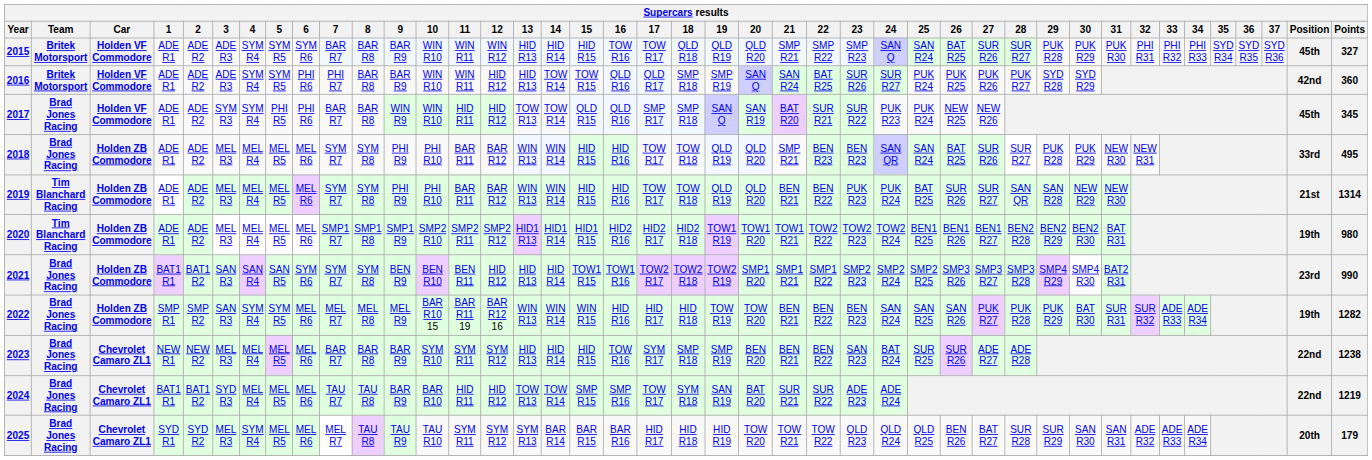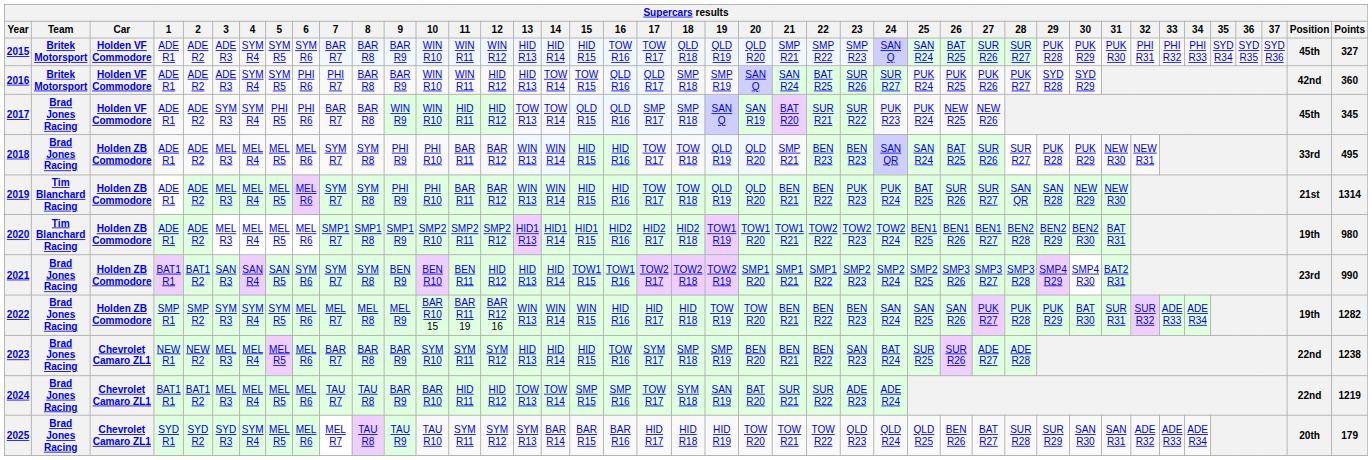 <table class="wikitable" style="text-align:center; font-size:75%">
 <tr>
 <th colspan=46><a href='#'>Supercars</a> results</th>
 </tr>
 <tr>
 <th>Year</th>
 <th>Team</th>
 <th>Car</th>
 <th>1</th>
 <th>2</th>
 <th>3</th>
 <th>4</th>
 <th>5</th>
 <th>6</th>
 <th>7</th>
 <th>8</th>
 <th>9</th>
 <th>10</th>
 <th>11</th>
 <th>12</th>
 <th>13</th>
 <th>14</th>
 <th>15</th>
 <th>16</th>
 <th>17</th>
 <th>18</th>
 <th>19</th>
 <th>20</th>
 <th>21</th>
 <th>22</th>
 <th>23</th>
 <th>24</th>
 <th>25</th>
 <th>26</th>
 <th>27</th>
 <th>28</th>
 <th>29</th>
 <th>30</th>
 <th>31</th>
 <th>32</th>
 <th>33</th>
 <th>34</th>
 <th>35</th>
 <th>36</th>
 <th>37</th>
 <th>Position</th>
 <th>Points</th>
 </tr>
 <tr>
 <th><a href='#'>2015</a></th>
 <th><a href='#'>Britek Motorsport</a></th>
 <th><a href='#'>Holden VF Commodore</a></th>
 <td><a href='#'>ADE<br>R1</a></td>
 <td><a href='#'>ADE<br>R2</a></td>
 <td><a href='#'>ADE<br>R3</a></td>
 <td><a href='#'>SYM<br>R4</a></td>
 <td><a href='#'>SYM<br>R5</a></td>
 <td><a href='#'>SYM<br>R6</a></td>
 <td style="background:#f1f8ff"><a href='#'>BAR<br>R7</a><br></td>
 <td style="background:#f1f8ff"><a href='#'>BAR<br>R8</a><br></td>
 <td style="background:#f1f8ff"><a href='#'>BAR<br>R9</a><br></td>
 <td style="background:#f1f8ff"><a href='#'>WIN<br>R10</a><br></td>
 <td style="background:#f1f8ff"><a href='#'>WIN<br>R11</a><br></td>
 <td style="background:#f1f8ff"><a href='#'>WIN<br>R12</a><br></td>
 <td style="background:#f1f8ff"><a href='#'>HID<br>R13</a><br></td>
 <td style="background:#f1f8ff"><a href='#'>HID<br>R14</a><br></td>
 <td style="background:#f1f8ff"><a href='#'>HID<br>R15</a><br></td>
 <td style="background:#f1f8ff"><a href='#'>TOW<br>R16</a><br></td>
 <td style="background:#f1f8ff"><a href='#'>TOW<br>R17</a><br></td>
 <td style="background:#f1f8ff"><a href='#'>QLD<br>R18</a><br></td>
 <td style="background:#f1f8ff"><a href='#'>QLD<br>R19</a><br></td>
 <td style="background:#f1f8ff"><a href='#'>QLD<br>R20</a><br></td>
 <td style="background:#f1f8ff"><a href='#'>SMP<br>R21</a><br></td>
 <td style="background:#f1f8ff"><a href='#'>SMP<br>R22</a><br></td>
 <td style="background:#f1f8ff"><a href='#'>SMP<br>R23</a><br></td>
 <td style="background:#cfcfff"><a href='#'>SAN<br>Q</a><br></td>
 <td style="background:#dfffdf"><a href='#'>SAN<br>R24</a><br></td>
 <td style="background:#dfffdf"><a href='#'>BAT<br>R25</a><br></td>
 <td style="background:#dfffdf"><a href='#'>SUR<br>R26</a><br></td>
 <td style="background:#dfffdf"><a href='#'>SUR<br>R27</a><br></td>
 <td><a href='#'>PUK<br>R28</a></td>
 <td><a href='#'>PUK<br>R29</a></td>
 <td><a href='#'>PUK<br>R30</a></td>
 <td><a href='#'>PHI<br>R31</a></td>
 <td><a href='#'>PHI<br>R32</a></td>
 <td><a href='#'>PHI<br>R33</a></td>
 <td><a href='#'>SYD<br>R34</a></td>
 <td><a href='#'>SYD<br>R35</a></td>
 <td><a href='#'>SYD<br>R36</a></td>
 <th>45th</th>
 <th>327</th>
 </tr>
 <tr>
 <th><a href='#'>2016</a></th>
 <th><a href='#'>Britek Motorsport</a></th>
 <th><a href='#'>Holden VF Commodore</a></th>
 <td><a href='#'>ADE<br>R1</a></td>
 <td><a href='#'>ADE<br>R2</a></td>
 <td><a href='#'>ADE<br>R3</a></td>
 <td><a href='#'>SYM<br>R4</a></td>
 <td><a href='#'>SYM<br>R5</a></td>
 <td><a href='#'>PHI<br>R6</a></td>
 <td><a href='#'>PHI<br>R7</a></td>
 <td><a href='#'>BAR<br>R8</a></td>
 <td><a href='#'>BAR<br>R9</a></td>
 <td><a href='#'>WIN<br>R10</a></td>
 <td><a href='#'>WIN<br>R11</a></td>
 <td><a href='#'>HID<br>R12</a></td>
 <td><a href='#'>HID<br>R13</a></td>
 <td><a href='#'>TOW<br>R14</a></td>
 <td><a href='#'>TOW<br>R15</a></td>
 <td style="background:#f1f8ff"><a href='#'>QLD<br>R16</a><br></td>
 <td style="background:#f1f8ff"><a href='#'>QLD<br>R17</a><br></td>
 <td><a href='#'>SMP<br>R18</a></td>
 <td><a href='#'>SMP<br>R19</a></td>
 <td style="background:#cfcfff"><a href='#'>SAN<br>Q</a><br></td>
 <td style="background:#dfffdf"><a href='#'>SAN<br>R24</a><br></td>
 <td style="background:#dfffdf"><a href='#'>BAT<br>R25</a><br></td>
 <td style="background:#dfffdf"><a href='#'>SUR<br>R26</a><br></td>
 <td style="background:#dfffdf"><a href='#'>SUR<br>R27</a><br></td>
 <td><a href='#'>PUK<br>R24</a></td>
 <td><a href='#'>PUK<br>R25</a></td>
 <td><a href='#'>PUK<br>R26</a></td>
 <td><a href='#'>PUK<br>R27</a></td>
 <td><a href='#'>SYD<br>R28</a></td>
 <td><a href='#'>SYD<br>R29</a></td>
 <th colspan=7></th>
 <th>42nd</th>
 <th>360</th>
 </tr>
 <tr>
 <th><a href='#'>2017</a></th>
 <th><a href='#'>Brad Jones Racing</a></th>
 <th><a href='#'>Holden VF Commodore</a></th>
 <td><a href='#'>ADE<br>R1</a></td>
 <td><a href='#'>ADE<br>R2</a></td>
 <td><a href='#'>SYM<br>R3</a></td>
 <td><a href='#'>SYM<br>R4</a></td>
 <td><a href='#'>PHI<br>R5</a></td>
 <td><a href='#'>PHI<br>R6</a></td>
 <td><a href='#'>BAR<br>R7</a></td>
 <td><a href='#'>BAR<br>R8</a></td>
 <td style="background:#dfffdf"><a href='#'>WIN<br>R9</a><br></td>
 <td style="background:#dfffdf"><a href='#'>WIN<br>R10</a><br></td>
 <td style="background:#dfffdf"><a href='#'>HID<br>R11</a><br></td>
 <td style="background:#dfffdf"><a href='#'>HID<br>R12</a><br></td>
 <td><a href='#'>TOW<br>R13</a></td>
 <td><a href='#'>TOW<br>R14</a></td>
 <td style="background:#f1f8ff"><a href='#'>QLD<br>R15</a><br></td>
 <td style="background:#f1f8ff"><a href='#'>QLD<br>R16</a><br></td>
 <td style="background:#f1f8ff"><a href='#'>SMP<br>R17</a><br></td>
 <td style="background:#f1f8ff"><a href='#'>SMP<br>R18</a><br></td>
 <td style="background:#cfcfff"><a href='#'>SAN<br>Q</a><br></td>
 <td style="background:#dfffdf"><a href='#'>SAN<br>R19</a><br></td>
 <td style="background:#efcfff"><a href='#'>BAT<br>R20</a><br></td>
 <td style="background:#dfffdf"><a href='#'>SUR<br>R21</a><br></td>
 <td style="background:#dfffdf"><a href='#'>SUR<br>R22</a><br></td>
 <td><a href='#'>PUK<br>R23</a></td>
 <td><a href='#'>PUK<br>R24</a></td>
 <td><a href='#'>NEW<br>R25</a></td>
 <td><a href='#'>NEW<br>R26</a></td>
 <th colspan=10></th>
 <th>45th</th>
 <th>345</th>
 </tr>
 <tr>
 <th><a href='#'>2018</a></th>
 <th><a href='#'>Brad Jones Racing</a></th>
 <th><a href='#'>Holden ZB Commodore</a></th>
 <td><a href='#'>ADE<br>R1</a></td>
 <td><a href='#'>ADE<br>R2</a></td>
 <td><a href='#'>MEL<br>R3</a></td>
 <td><a href='#'>MEL<br>R4</a></td>
 <td><a href='#'>MEL<br>R5</a></td>
 <td><a href='#'>MEL<br>R6</a></td>
 <td><a href='#'>SYM<br>R7</a></td>
 <td><a href='#'>SYM<br>R8</a></td>
 <td><a href='#'>PHI<br>R9</a></td>
 <td><a href='#'>PHI<br>R10</a></td>
 <td><a href='#'>BAR<br>R11</a></td>
 <td><a href='#'>BAR<br>R12</a></td>
 <td style="background:#f1f8ff"><a href='#'>WIN<br>R13</a><br></td>
 <td style="background:#f1f8ff"><a href='#'>WIN<br>R14</a><br></td>
 <td style="background:#dfffdf"><a href='#'>HID<br>R15</a><br></td>
 <td style="background:#dfffdf"><a href='#'>HID<br>R16</a><br></td>
 <td><a href='#'>TOW<br>R17</a></td>
 <td><a href='#'>TOW<br>R18</a></td>
 <td style="background:#f1f8ff"><a href='#'>QLD<br>R19</a><br></td>
 <td style="background:#f1f8ff"><a href='#'>QLD<br>R20</a><br></td>
 <td><a href='#'>SMP<br>R21</a></td>
 <td style="background:#dfffdf"><a href='#'>BEN<br>R23</a><br></td>
 <td style="background:#dfffdf"><a href='#'>BEN<br>R23</a><br></td>
 <td style="background:#cfcfff"><a href='#'>SAN<br>QR</a><br></td>
 <td style="background:#dfffdf"><a href='#'>SAN<br>R24</a><br></td>
 <td style="background:#dfffdf"><a href='#'>BAT<br>R25</a><br></td>
 <td style="background:#dfffdf"><a href='#'>SUR<br>R26</a><br></td>
 <td style="background:#ffffff"><a href='#'>SUR<br>R27</a><br></td>
 <td><a href='#'>PUK<br>R28</a></td>
 <td><a href='#'>PUK<br>R29</a></td>
 <td><a href='#'>NEW<br>R30</a></td>
 <td><a href='#'>NEW<br>R31</a></td>
 <th colspan=5></th>
 <th>33rd</th>
 <th>495</th>
 </tr>
 <tr>
 <th><a href='#'>2019</a></th>
 <th><a href='#'>Tim Blanchard Racing</a></th>
 <th><a href='#'>Holden ZB Commodore</a></th>
 <td style="background:#ffffff"><a href='#'>ADE<br>R1</a><br></td>
 <td style="background:#dfffdf"><a href='#'>ADE<br>R2</a><br></td>
 <td style="background:#dfffdf"><a href='#'>MEL<br>R3</a><br></td>
 <td style="background:#dfffdf"><a href='#'>MEL<br>R4</a><br></td>
 <td style="background:#dfffdf"><a href='#'>MEL<br>R5</a><br></td>
 <td style="background:#efcfff"><a href='#'>MEL<br>R6</a><br></td>
 <td style="background:#dfffdf"><a href='#'>SYM<br>R7</a><br></td>
 <td style="background:#dfffdf"><a href='#'>SYM<br>R8</a><br></td>
 <td style="background:#dfffdf"><a href='#'>PHI<br>R9</a><br></td>
 <td style="background:#dfffdf"><a href='#'>PHI<br>R10</a><br></td>
 <td style="background:#dfffdf"><a href='#'>BAR<br>R11</a><br></td>
 <td style="background:#dfffdf"><a href='#'>BAR<br>R12</a><br></td>
 <td style="background:#dfffdf"><a href='#'>WIN<br>R13</a><br></td>
 <td style="background:#dfffdf"><a href='#'>WIN<br>R14</a><br></td>
 <td style="background:#dfffdf"><a href='#'>HID<br>R15</a><br></td>
 <td style="background:#dfffdf"><a href='#'>HID<br>R16</a><br></td>
 <td style="background:#dfffdf"><a href='#'>TOW<br>R17</a><br></td>
 <td style="background:#dfffdf"><a href='#'>TOW<br>R18</a><br></td>
 <td style="background:#dfffdf"><a href='#'>QLD<br>R19</a><br></td>
 <td style="background:#dfffdf"><a href='#'>QLD<br>R20</a><br></td>
 <td style="background:#dfffdf"><a href='#'>BEN<br>R21</a><br></td>
 <td style="background:#dfffdf"><a href='#'>BEN<br>R22</a><br></td>
 <td style="background:#dfffdf"><a href='#'>PUK<br>R23</a><br></td>
 <td style="background:#dfffdf"><a href='#'>PUK<br>R24</a><br></td>
 <td style="background:#dfffdf"><a href='#'>BAT<br>R25</a><br></td>
 <td style="background:#dfffdf"><a href='#'>SUR<br>R26</a><br></td>
 <td style="background:#dfffdf"><a href='#'>SUR<br>R27</a><br></td>
 <td style="background:#dfffdf"><a href='#'>SAN<br>QR</a><br></td>
 <td style="background:#dfffdf"><a href='#'>SAN<br>R28</a><br></td>
 <td style="background:#dfffdf"><a href='#'>NEW<br>R29</a><br></td>
 <td style="background:#dfffdf"><a href='#'>NEW<br>R30</a><br></td>
 <th colspan=6></th>
 <th>21st</th>
 <th>1314</th>
 </tr>
 <tr>
 <th><a href='#'>2020</a></th>
 <th><a href='#'>Tim Blanchard Racing</a></th>
 <th><a href='#'>Holden ZB Commodore</a></th>
 <td style="background:#dfffdf"><a href='#'>ADE<br>R1</a><br></td>
 <td style="background:#dfffdf"><a href='#'>ADE<br>R2</a><br></td>
 <td style="background:#ffffff"><a href='#'>MEL<br>R3</a><br></td>
 <td style="background:#ffffff"><a href='#'>MEL<br>R4</a><br></td>
 <td style="background:#ffffff"><a href='#'>MEL<br>R5</a><br></td>
 <td style="background:#ffffff"><a href='#'>MEL<br>R6</a><br></td>
 <td style="background:#dfffdf"><a href='#'>SMP1<br>R7</a><br></td>
 <td style="background:#dfffdf"><a href='#'>SMP1<br>R8</a><br></td>
 <td style="background:#dfffdf"><a href='#'>SMP1<br>R9</a><br></td>
 <td style="background:#dfffdf"><a href='#'>SMP2<br>R10</a><br></td>
 <td style="background:#dfffdf"><a href='#'>SMP2<br>R11</a><br></td>
 <td style="background:#dfffdf"><a href='#'>SMP2<br>R12</a><br></td>
 <td style="background:#efcfff"><a href='#'>HID1<br>R13</a><br></td>
 <td style="background:#dfffdf"><a href='#'>HID1<br>R14</a><br></td>
 <td style="background:#dfffdf"><a href='#'>HID1<br>R15</a><br></td>
 <td style="background:#dfffdf"><a href='#'>HID2<br>R16</a><br></td>
 <td style="background:#dfffdf"><a href='#'>HID2<br>R17</a><br></td>
 <td style="background:#dfffdf"><a href='#'>HID2<br>R18</a><br></td>
 <td style="background:#efcfff"><a href='#'>TOW1<br>R19</a><br></td>
 <td style="background:#dfffdf"><a href='#'>TOW1<br>R20</a><br></td>
 <td style="background:#dfffdf"><a href='#'>TOW1<br>R21</a><br></td>
 <td style="background:#dfffdf"><a href='#'>TOW2<br>R22</a><br></td>
 <td style="background:#dfffdf"><a href='#'>TOW2<br>R23</a><br></td>
 <td style="background:#dfffdf"><a href='#'>TOW2<br>R24</a><br></td>
 <td style="background:#dfffdf"><a href='#'>BEN1<br>R25</a><br></td>
 <td style="background:#dfffdf"><a href='#'>BEN1<br>R26</a><br></td>
 <td style="background:#dfffdf"><a href='#'>BEN1<br>R27</a><br></td>
 <td style="background:#dfffdf"><a href='#'>BEN2<br>R28</a><br></td>
 <td style="background:#dfffdf"><a href='#'>BEN2<br>R29</a><br></td>
 <td style="background:#dfffdf"><a href='#'>BEN2<br>R30</a><br></td>
 <td style="background:#dfffdf"><a href='#'>BAT<br>R31</a><br></td>
 <th colspan=6></th>
 <th>19th</th>
 <th>980</th>
 </tr>
 <tr>
 <th><a href='#'>2021</a></th>
 <th><a href='#'>Brad Jones Racing</a></th>
 <th><a href='#'>Holden ZB Commodore</a></th>
 <td style="background:#efcfff"><a href='#'>BAT1<br>R1</a><br></td>
 <td style="background:#dfffdf"><a href='#'>BAT1<br>R2</a><br></td>
 <td style="background:#dfffdf"><a href='#'>SAN<br>R3</a><br></td>
 <td style="background:#efcfff"><a href='#'>SAN<br>R4</a><br></td>
 <td style="background:#dfffdf"><a href='#'>SAN<br>R5</a><br></td>
 <td style="background:#dfffdf"><a href='#'>SYM<br>R6</a><br></td>
 <td style="background:#dfffdf"><a href='#'>SYM<br>R7</a><br></td>
 <td style="background:#dfffdf"><a href='#'>SYM<br>R8</a><br></td>
 <td style="background:#dfffdf"><a href='#'>BEN<br>R9</a><br></td>
 <td style="background:#efcfff"><a href='#'>BEN<br>R10</a><br></td>
 <td style="background:#dfffdf"><a href='#'>BEN<br>R11</a><br></td>
 <td style="background:#dfffdf"><a href='#'>HID<br>R12</a><br></td>
 <td style="background:#dfffdf"><a href='#'>HID<br>R13</a><br></td>
 <td style="background:#dfffdf"><a href='#'>HID<br>R14</a><br></td>
 <td style="background:#dfffdf"><a href='#'>TOW1<br>R15</a><br></td>
 <td style="background:#dfffdf"><a href='#'>TOW1<br>R16</a><br></td>
 <td style="background:#efcfff"><a href='#'>TOW2<br>R17</a><br></td>
 <td style="background:#efcfff"><a href='#'>TOW2<br>R18</a><br></td>
 <td style="background:#efcfff"><a href='#'>TOW2<br>R19</a><br></td>
 <td style="background:#dfffdf"><a href='#'>SMP1<br>R20</a><br></td>
 <td style="background:#dfffdf"><a href='#'>SMP1<br>R21</a><br></td>
 <td style="background:#dfffdf"><a href='#'>SMP1<br>R22</a><br></td>
 <td style="background:#dfffdf"><a href='#'>SMP2<br>R23</a><br></td>
 <td style="background:#dfffdf"><a href='#'>SMP2<br>R24</a><br></td>
 <td style="background:#dfffdf"><a href='#'>SMP2<br>R25</a><br></td>
 <td style="background:#dfffdf"><a href='#'>SMP3<br>R26</a><br></td>
 <td style="background:#dfffdf"><a href='#'>SMP3<br>R27</a><br></td>
 <td style="background:#dfffdf"><a href='#'>SMP3<br>R28</a><br></td>
 <td style="background:#efcfff"><a href='#'>SMP4<br>R29</a><br></td>
 <td style="background:#ffffff"><a href='#'>SMP4<br>R30</a><br></td>
 <td style="background:#dfffdf"><a href='#'>BAT2<br>R31</a><br></td>
 <th colspan=6></th>
 <th>23rd</th>
 <th>990</th>
 </tr>
 <tr>
 <th><a href='#'>2022</a></th>
 <th><a href='#'>Brad Jones Racing</a></th>
 <th><a href='#'>Holden ZB Commodore</a></th>
 <td style="background:#dfffdf"><a href='#'>SMP<br>R1</a><br></td>
 <td style="background:#dfffdf"><a href='#'>SMP<br>R2</a><br></td>
-<td style="background:#dfffdf"><a href='#'>SAN<br>R3</a><br></td>
+<td style="background:#dfffdf"><a href='#'>SYM<br>R3</a><br></td>
 <td style="background:#dfffdf"><a href='#'>SYM<br>R4</a><br></td>
 <td style="background:#dfffdf"><a href='#'>SYM<br>R5</a><br></td>
 <td style="background:#dfffdf"><a href='#'>MEL<br>R6</a><br></td>
 <td style="background:#dfffdf"><a href='#'>MEL<br>R7</a><br></td>
 <td style="background:#dfffdf"><a href='#'>MEL<br>R8</a><br></td>
 <td style="background:#dfffdf"><a href='#'>MEL<br>R9</a><br></td>
 <td style="background:#dfffdf"><a href='#'>BAR<br>R10</a><br>15</td>
 <td style="background:#dfffdf"><a href='#'>BAR<br>R11</a><br>19</td>
 <td style="background:#dfffdf"><a href='#'>BAR<br>R12</a><br>16</td>
 <td style="background:#dfffdf"><a href='#'>WIN<br>R13</a><br></td>
 <td style="background:#dfffdf"><a href='#'>WIN<br>R14</a><br></td>
 <td style="background:#dfffdf"><a href='#'>WIN<br>R15</a><br></td>
 <td style="background:#dfffdf"><a href='#'>HID<br>R16</a><br></td>
 <td style="background:#dfffdf"><a href='#'>HID<br>R17</a><br></td>
 <td style="background:#dfffdf"><a href='#'>HID<br>R18</a><br></td>
 <td style="background:#dfffdf"><a href='#'>TOW<br>R19</a><br></td>
 <td style="background:#dfffdf"><a href='#'>TOW<br>R20</a><br></td>
 <td style="background:#dfffdf"><a href='#'>BEN<br>R21</a><br></td>
 <td style="background:#dfffdf"><a href='#'>BEN<br>R22</a><br></td>
 <td style="background:#dfffdf"><a href='#'>BEN<br>R23</a><br></td>
 <td style="background:#dfffdf"><a href='#'>SAN<br>R24</a><br></td>
 <td style="background:#dfffdf"><a href='#'>SAN<br>R25</a><br></td>
 <td style="background:#dfffdf"><a href='#'>SAN<br>R26</a><br></td>
 <td style="background:#efcfff"><a href='#'>PUK<br>R27</a><br></td>
 <td style="background:#dfffdf"><a href='#'>PUK<br>R28</a><br></td>
 <td style="background:#dfffdf"><a href='#'>PUK<br>R29</a><br></td>
 <td style="background:#dfffdf"><a href='#'>BAT<br>R30</a><br></td>
 <td style="background:#dfffdf"><a href='#'>SUR<br>R31</a><br></td>
 <td style="background:#efcfff"><a href='#'>SUR<br>R32</a><br></td>
 <td style="background:#dfffdf"><a href='#'>ADE<br>R33</a><br></td>
 <td style="background:#dfffdf"><a href='#'>ADE<br>R34</a><br></td>
 <th colspan=3></th>
 <th>19th</th>
 <th>1282</th>
 </tr>
 <tr>
 <th><a href='#'>2023</a></th>
 <th><a href='#'>Brad Jones Racing</a></th>
 <th><a href='#'>Chevrolet Camaro ZL1</a></th>
 <td style=background:#dfffdf><a href='#'>NEW<br>R1</a><br></td>
 <td style=background:#dfffdf><a href='#'>NEW<br>R2</a><br></td>
 <td style=background:#dfffdf><a href='#'>MEL<br>R3</a><br></td>
 <td style=background:#dfffdf><a href='#'>MEL<br>R4</a><br></td>
 <td style=background:#efcfff><a href='#'>MEL<br>R5</a><br></td>
 <td style=background:#dfffdf><a href='#'>MEL<br>R6</a><br></td>
 <td style=background:#dfffdf><a href='#'>BAR<br>R7</a><br></td>
 <td style=background:#dfffdf><a href='#'>BAR<br>R8</a><br></td>
 <td style=background:#dfffdf><a href='#'>BAR<br>R9</a><br></td>
 <td style=background:#dfffdf><a href='#'>SYM<br>R10</a><br></td>
 <td style=background:#dfffdf><a href='#'>SYM<br>R11</a><br></td>
 <td style=background:#dfffdf><a href='#'>SYM<br>R12</a><br></td>
 <td style=background:#dfffdf><a href='#'>HID<br>R13</a><br></td>
 <td style=background:#dfffdf><a href='#'>HID<br>R14</a><br></td>
 <td style=background:#dfffdf><a href='#'>HID<br>R15</a><br></td>
 <td style=background:#dfffdf><a href='#'>TOW<br>R16</a><br></td>
 <td style=background:#dfffdf><a href='#'>SYM<br>R17</a><br></td>
 <td style=background:#dfffdf><a href='#'>SMP<br>R18</a><br></td>
 <td style=background:#dfffdf><a href='#'>SMP<br>R19</a><br></td>
 <td style=background:#dfffdf><a href='#'>BEN<br>R20</a><br></td>
 <td style=background:#dfffdf><a href='#'>BEN<br>R21</a><br></td>
 <td style=background:#dfffdf><a href='#'>BEN<br>R22</a><br></td>
 <td style=background:#dfffdf><a href='#'>SAN<br>R23</a><br></td>
 <td style=background:#dfffdf><a href='#'>BAT<br>R24</a><br></td>
 <td style=background:#dfffdf><a href='#'>SUR<br>R25</a><br></td>
 <td style=background:#efcfff><a href='#'>SUR<br>R26</a><br></td>
 <td style=background:#dfffdf><a href='#'>ADE<br>R27</a><br></td>
 <td style=background:#dfffdf><a href='#'>ADE<br>R28</a><br></td>
 <th colspan=9></th>
 <th style="background:">22nd</th>
 <th style="background:">1238</th>
 </tr>
 <tr>
 <th><a href='#'>2024</a></th>
 <th><a href='#'>Brad Jones Racing</a></th>
 <th><a href='#'>Chevrolet Camaro ZL1</a></th>
 <td style=background:#dfffdf><a href='#'>BAT1<br>R1</a><br></td>
 <td style=background:#dfffdf><a href='#'>BAT1<br>R2</a><br></td>
-<td style=background:#dfffdf><a href='#'>SYD<br>R3</a><br></td>
+<td style=background:#dfffdf><a href='#'>MEL<br>R3</a><br></td>
 <td style=background:#dfffdf><a href='#'>MEL<br>R4</a><br></td>
 <td style=background:#dfffdf><a href='#'>MEL<br>R5</a><br></td>
 <td style=background:#dfffdf><a href='#'>MEL<br>R6</a><br></td>
 <td style=background:#dfffdf><a href='#'>TAU<br>R7</a><br></td>
 <td style=background:#dfffdf><a href='#'>TAU<br>R8</a><br></td>
 <td style=background:#dfffdf><a href='#'>BAR<br>R9</a><br></td>
 <td style=background:#dfffdf><a href='#'>BAR<br>R10</a><br></td>
 <td style=background:#dfffdf><a href='#'>HID<br>R11</a><br></td>
 <td style=background:#dfffdf><a href='#'>HID<br>R12</a><br></td>
 <td style=background:#dfffdf><a href='#'>TOW<br>R13</a><br></td>
 <td style=background:#dfffdf><a href='#'>TOW<br>R14</a><br></td>
 <td style=background:#dfffdf><a href='#'>SMP<br>R15</a><br></td>
 <td style=background:#dfffdf><a href='#'>SMP<br>R16</a><br></td>
 <td style=background:#dfffdf><a href='#'>TOW<br>R17</a><br></td>
 <td style=background:#dfffdf><a href='#'>SYM<br>R18</a><br></td>
 <td style=background:#dfffdf><a href='#'>SAN<br>R19</a><br></td>
 <td style=background:#dfffdf><a href='#'>BAT<br>R20</a><br></td>
 <td style=background:#dfffdf><a href='#'>SUR<br>R21</a><br></td>
 <td style=background:#dfffdf><a href='#'>SUR<br>R22</a><br></td>
 <td style=background:#dfffdf><a href='#'>ADE<br>R23</a><br></td>
 <td style=background:#dfffdf><a href='#'>ADE<br>R24</a><br></td>
 <th colspan=13></th>
 <th>22nd</th>
 <th>1219</th>
 </tr>
 <tr>
 <th><a href='#'>2025</a></th>
 <th><a href='#'>Brad Jones Racing</a></th>
 <th><a href='#'>Chevrolet Camaro ZL1</a></th>
 <td style=background:#dfffdf><a href='#'>SYD<br>R1</a><br></td>
 <td style=background:#dfffdf><a href='#'>SYD<br>R2</a><br></td>
-<td style=background:#dfffdf><a href='#'>MEL<br>R3</a><br></td>
+<td style=background:#dfffdf><a href='#'>SYD<br>R3</a><br></td>
 <td style="background:#dfffdf"><a href='#'>SYM<br>R4</a><br></td>
 <td style=background:#dfffdf><a href='#'>MEL<br>R5</a><br></td>
 <td style=background:#dfffdf><a href='#'>MEL<br>R6</a><br></td>
 <td style=background:#ffffff><a href='#'>MEL<br>R7</a><br></td>
 <td style=background:#efcfff><a href='#'>TAU<br>R8</a><br></td>
 <td style=background:#dfffdf><a href='#'>TAU<br>R9</a><br></td>
 <td style=background:#><a href='#'>TAU<br>R10</a><br></td>
 <td style=background:#><a href='#'>SYM<br>R11</a><br></td>
 <td style=background:#><a href='#'>SYM<br>R12</a><br></td>
 <td style=background:#><a href='#'>SYM<br>R13</a><br></td>
 <td style=background:#><a href='#'>BAR<br>R14</a><br></td>
 <td style=background:#><a href='#'>BAR<br>R15</a><br></td>
 <td style=background:#><a href='#'>BAR<br>R16</a><br></td>
 <td style=background:#><a href='#'>HID<br>R17</a><br></td>
 <td style=background:#><a href='#'>HID<br>R18</a><br></td>
 <td style=background:#><a href='#'>HID<br>R19</a><br></td>
 <td style=background:#><a href='#'>TOW<br>R20</a><br></td>
 <td style=background:#><a href='#'>TOW<br>R21</a><br></td>
 <td style=background:#><a href='#'>TOW<br>R22</a><br></td>
 <td style=background:#><a href='#'>QLD<br>R23</a><br></td>
 <td style=background:#><a href='#'>QLD<br>R24</a><br></td>
 <td style=background:#><a href='#'>QLD<br>R25</a><br></td>
 <td style=background:#><a href='#'>BEN<br>R26</a><br></td>
 <td style=background:#><a href='#'>BAT<br>R27</a><br></td>
 <td style=background:#><a href='#'>SUR<br>R28</a><br></td>
 <td style=background:#><a href='#'>SUR<br>R29</a><br></td>
 <td style=background:#><a href='#'>SAN<br>R30</a><br></td>
 <td style=background:#><a href='#'>SAN<br>R31</a><br></td>
 <td style=background:#><a href='#'>ADE<br>R32</a><br></td>
 <td style=background:#><a href='#'>ADE<br>R33</a><br></td>
 <td style=background:#><a href='#'>ADE<br>R34</a><br></td>
 <th colspan=3></th>
 <th>20th</th>
 <th>179</th>
 </tr>
 </table>
